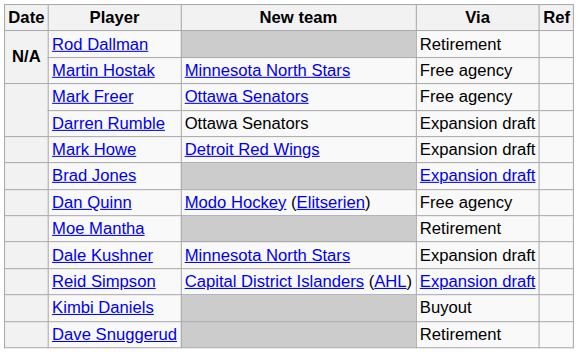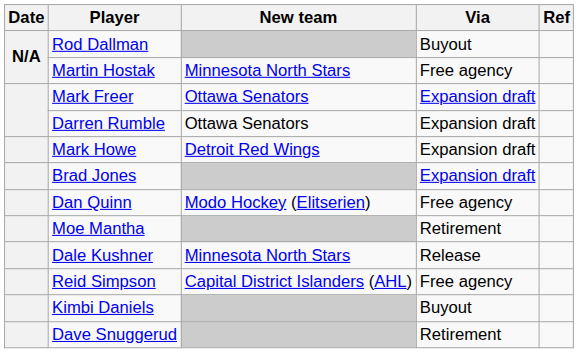 <table class="wikitable plainrowheaders">
 <tr style="background:#ddd; text-align:center;">
 <th>Date</th>
 <th>Player</th>
 <th>New team</th>
 <th>Via</th>
 <th>Ref</th>
 </tr>
 <tr>
 <th scope="row" rowspan="2">N/A</th>
 <td><a href='#'>Rod Dallman</a></td>
 <td style="background:#ccc"></td>
-<td>Retirement</td>
+<td>Buyout</td>
 <td></td>
 </tr>
 <tr>
 <td><a href='#'>Martin Hostak</a></td>
 <td><a href='#'>Minnesota North Stars</a></td>
 <td>Free agency</td>
 <td></td>
 </tr>
 <tr>
 <th scope="row" rowspan="2"></th>
 <td><a href='#'>Mark Freer</a></td>
 <td><a href='#'>Ottawa Senators</a></td>
-<td>Free agency</td>
+<td><a href='#'>Expansion draft</a></td>
 <td></td>
 </tr>
 <tr>
 <td><a href='#'>Darren Rumble</a></td>
 <td>Ottawa Senators</td>
 <td>Expansion draft</td>
 <td></td>
 </tr>
 <tr>
 <th scope="row"></th>
 <td><a href='#'>Mark Howe</a></td>
 <td><a href='#'>Detroit Red Wings</a></td>
 <td>Expansion draft</td>
 <td></td>
 </tr>
 <tr>
 <th scope="row"></th>
 <td><a href='#'>Brad Jones</a></td>
 <td style="background:#ccc"></td>
 <td><a href='#'>Expansion draft</a></td>
 <td></td>
 </tr>
 <tr>
 <th scope="row"></th>
 <td><a href='#'>Dan Quinn</a></td>
 <td><a href='#'>Modo Hockey</a> (<a href='#'>Elitserien</a>)</td>
 <td>Free agency</td>
 <td></td>
 </tr>
 <tr>
 <th scope="row"></th>
 <td><a href='#'>Moe Mantha</a></td>
 <td style="background:#ccc"></td>
 <td>Retirement</td>
 <td></td>
 </tr>
 <tr>
 <th scope="row"></th>
 <td><a href='#'>Dale Kushner</a></td>
 <td><a href='#'>Minnesota North Stars</a></td>
-<td>Expansion draft</td>
+<td>Release</td>
 <td></td>
 </tr>
 <tr>
 <th scope="row"></th>
 <td><a href='#'>Reid Simpson</a></td>
 <td><a href='#'>Capital District Islanders</a> (<a href='#'>AHL</a>)</td>
-<td><a href='#'>Expansion draft</a></td>
+<td>Free agency</td>
 <td></td>
 </tr>
 <tr>
 <th scope="row"></th>
 <td><a href='#'>Kimbi Daniels</a></td>
 <td style="background:#ccc"></td>
 <td>Buyout</td>
 <td></td>
 </tr>
 <tr>
 <th scope="row"></th>
 <td><a href='#'>Dave Snuggerud</a></td>
 <td style="background:#ccc"></td>
 <td>Retirement</td>
 <td></td>
 </tr>
 </table>
